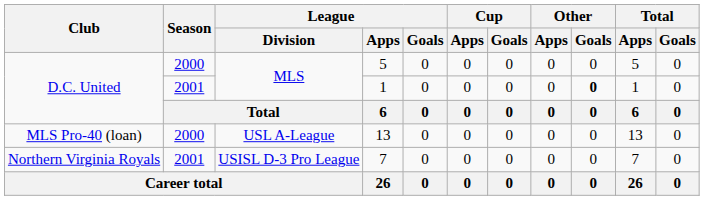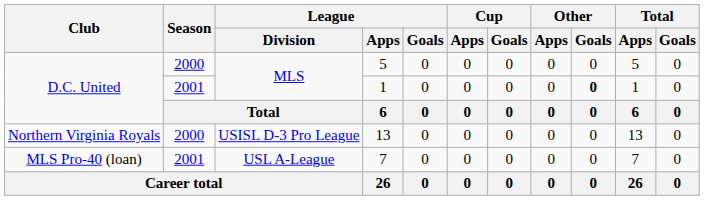 <table class="wikitable" style="text-align: center">
 <tr>
 <th rowspan="2">Club</th>
 <th rowspan="2">Season</th>
 <th colspan="3">League</th>
 <th colspan="2">Cup</th>
 <th colspan="2">Other</th>
 <th colspan="2">Total</th>
 </tr>
 <tr>
 <th>Division</th>
 <th>Apps</th>
 <th>Goals</th>
 <th>Apps</th>
 <th>Goals</th>
 <th>Apps</th>
 <th>Goals</th>
 <th>Apps</th>
 <th>Goals</th>
 </tr>
 <tr>
 <td rowspan="3"><a href='#'>D.C. United</a></td>
 <td><a href='#'>2000</a></td>
 <td rowspan="2"><a href='#'>MLS</a></td>
 <td>5</td>
 <td>0</td>
 <td>0</td>
 <td>0</td>
 <td>0</td>
 <td>0</td>
 <td>5</td>
 <td>0</td>
 </tr>
 <tr>
 <td><a href='#'>2001</a></td>
 <td>1</td>
 <td>0</td>
 <td>0</td>
 <td>0</td>
 <td>0</td>
 <td><strong>0</strong></td>
 <td>1</td>
 <td>0</td>
 </tr>
 <tr>
 <th colspan="2"><strong>Total</strong></th>
 <th>6</th>
 <th>0</th>
 <th>0</th>
 <th>0</th>
 <th>0</th>
 <th>0</th>
 <th>6</th>
 <th>0</th>
 </tr>
 <tr>
-<td><a href='#'>MLS Pro-40</a> (loan)</td>
+<td><a href='#'>Northern Virginia Royals</a></td>
 <td><a href='#'>2000</a></td>
-<td><a href='#'>USL A-League</a></td>
+<td><a href='#'>USISL D-3 Pro League</a></td>
 <td>13</td>
 <td>0</td>
 <td>0</td>
 <td>0</td>
 <td>0</td>
 <td>0</td>
 <td>13</td>
 <td>0</td>
 </tr>
 <tr>
-<td><a href='#'>Northern Virginia Royals</a></td>
+<td><a href='#'>MLS Pro-40</a> (loan)</td>
 <td><a href='#'>2001</a></td>
-<td><a href='#'>USISL D-3 Pro League</a></td>
+<td><a href='#'>USL A-League</a></td>
 <td>7</td>
 <td>0</td>
 <td>0</td>
 <td>0</td>
 <td>0</td>
 <td>0</td>
 <td>7</td>
 <td>0</td>
 </tr>
 <tr>
 <th colspan="3"><strong>Career total</strong></th>
 <th>26</th>
 <th>0</th>
 <th>0</th>
 <th>0</th>
 <th>0</th>
 <th>0</th>
 <th>26</th>
 <th>0</th>
 </tr>
 </table>
